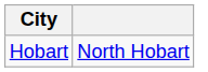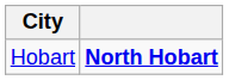 <table class="wikitable">
 <tr>
 <th>City</th>
 <th></th>
 </tr>
 <tr>
 <td><a href='#'>Hobart</a></td>
-<td><a href='#'>North Hobart</a></td>
+<td><strong><a href='#'>North Hobart</a></strong></td>
 </tr>
 </table>
